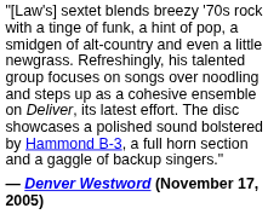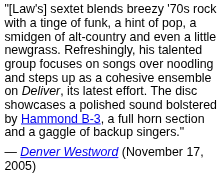 <table class="toccolours" style="float: right; margin-left: 1em; margin-right: 2em; font-size: 85%; background:offwhite; color:black; width:20em; max-width: 40%;" cellspacing="5">
 <tr>
 <td style="text-align: left;">"[Law's] sextet blends breezy '70s rock with a tinge of funk, a hint of pop, a smidgen of alt-country and even a little newgrass. Refreshingly, his talented group focuses on songs over noodling and steps up as a cohesive ensemble on <em>Deliver</em>, its latest effort. The disc showcases a polished sound bolstered by <a href='#'>Hammond B-3</a>, a full horn section and a gaggle of backup singers."</td>
 </tr>
 <tr>
-<td style="text-align: left;"><strong>— <em><a href='#'>Denver Westword</a></em> (November 17, 2005)</strong></td>
+<td style="text-align: left;">— <em><a href='#'>Denver Westword</a></em> (November 17, 2005)</td>
 </tr>
 </table>
